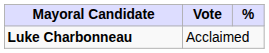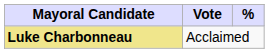 <table class="wikitable">
 <tr>
 <th style="background:#ddf; width:200px;">Mayoral Candidate</th>
 <th style="background:#ddf; width:50px;">Vote</th>
 <th style="background:#ddf; width:30px;">%</th>
 </tr>
 <tr>
-<td><strong>Luke Charbonneau</strong></td>
+<td style="background: khaki;"><strong>Luke Charbonneau</strong></td>
 <td colspan="2">Acclaimed</td>
 </tr>
 </table>
